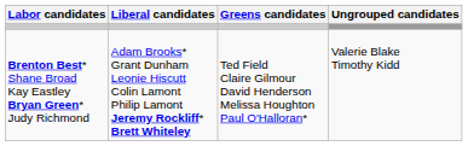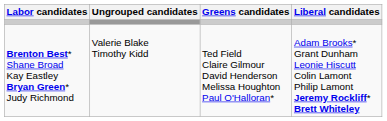 <table class="wikitable">
 <tr>
 <th><a href='#'>Labor</a> candidates</th>
+<th>Ungrouped candidates</th>
+<th><a href='#'>Greens</a> candidates</th>
 <th><a href='#'>Liberal</a> candidates</th>
-<th><a href='#'>Greens</a> candidates</th>
-<th>Ungrouped candidates</th>
 </tr>
 <tr bgcolor="#cccccc">
 <td></td>
+<td bgcolor="#999999"></td>
 <td></td>
 <td></td>
-<td bgcolor="#999999"></td>
 </tr>
 <tr>
 <td><br><strong><a href='#'>Brenton Best</a></strong>*<br> <a href='#'>Shane Broad</a><br> Kay Eastley<br> <strong><a href='#'>Bryan Green</a></strong>*<br> Judy Richmond</td>
+<td valign=top><br>Valerie Blake<br> Timothy Kidd</td>
+<td><br>Ted Field<br> Claire Gilmour<br> David Henderson<br> Melissa Houghton<br> <a href='#'>Paul O'Halloran</a>*</td>
 <td><br><a href='#'>Adam Brooks</a>*<br> Grant Dunham<br> <a href='#'>Leonie Hiscutt</a><br> Colin Lamont<br> Philip Lamont<br> <strong><a href='#'>Jeremy Rockliff</a></strong>*<br> <strong><a href='#'>Brett Whiteley</a></strong></td>
-<td><br>Ted Field<br> Claire Gilmour<br> David Henderson<br> Melissa Houghton<br> <a href='#'>Paul O'Halloran</a>*</td>
-<td valign=top><br>Valerie Blake<br> Timothy Kidd</td>
 </tr>
 </table>
